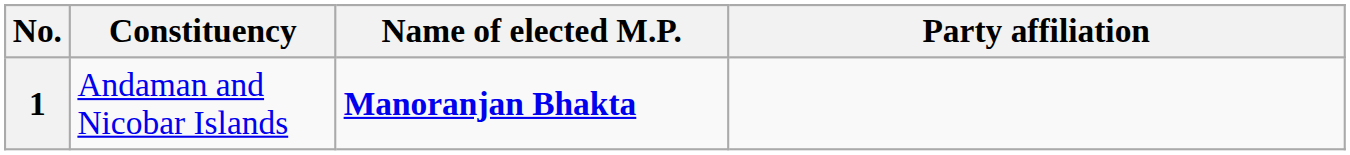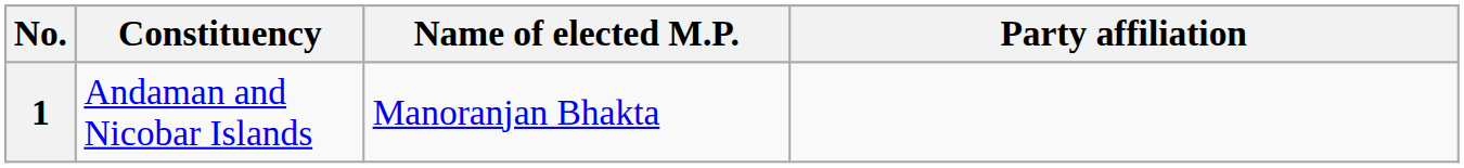 <table class="wikitable">
 <tr style="background:#ccc; text-align:center;">
 <th>No.</th>
 <th style="width:120px">Constituency</th>
 <th style="width:180px">Name of elected M.P.</th>
 <th colspan="2" style="width:18em">Party affiliation</th>
 </tr>
 <tr>
 <th>1</th>
 <td><a href='#'>Andaman and Nicobar Islands</a></td>
-<td><strong><a href='#'>Manoranjan Bhakta</a></strong></td>
+<td><a href='#'>Manoranjan Bhakta</a></td>
 <td></td>
 </tr>
 </table>
